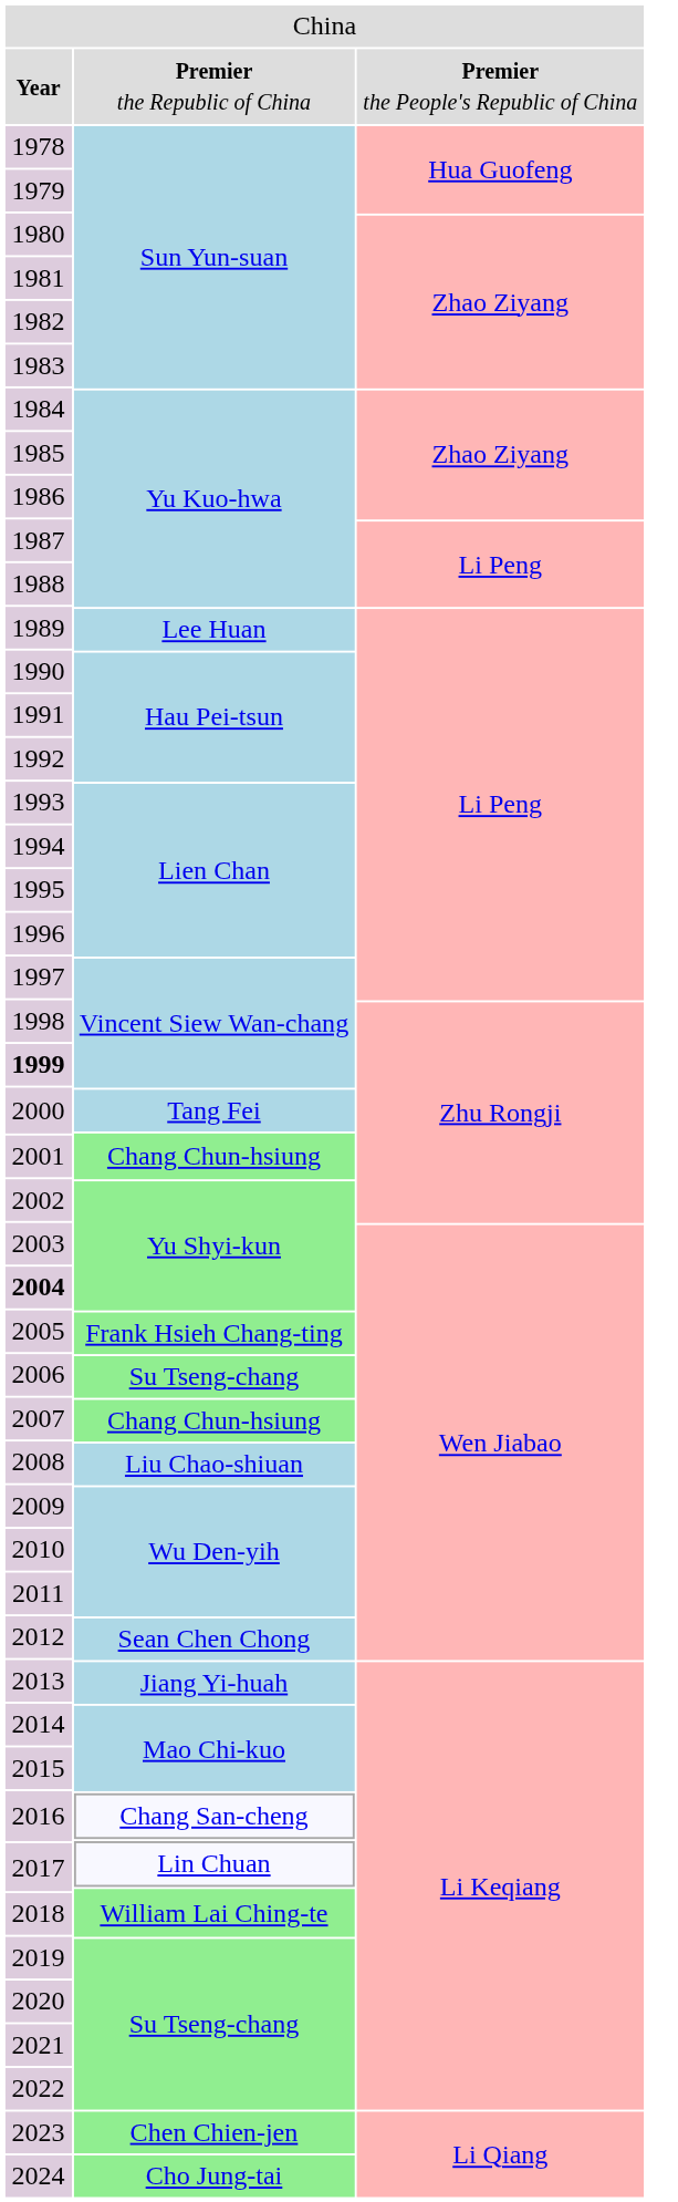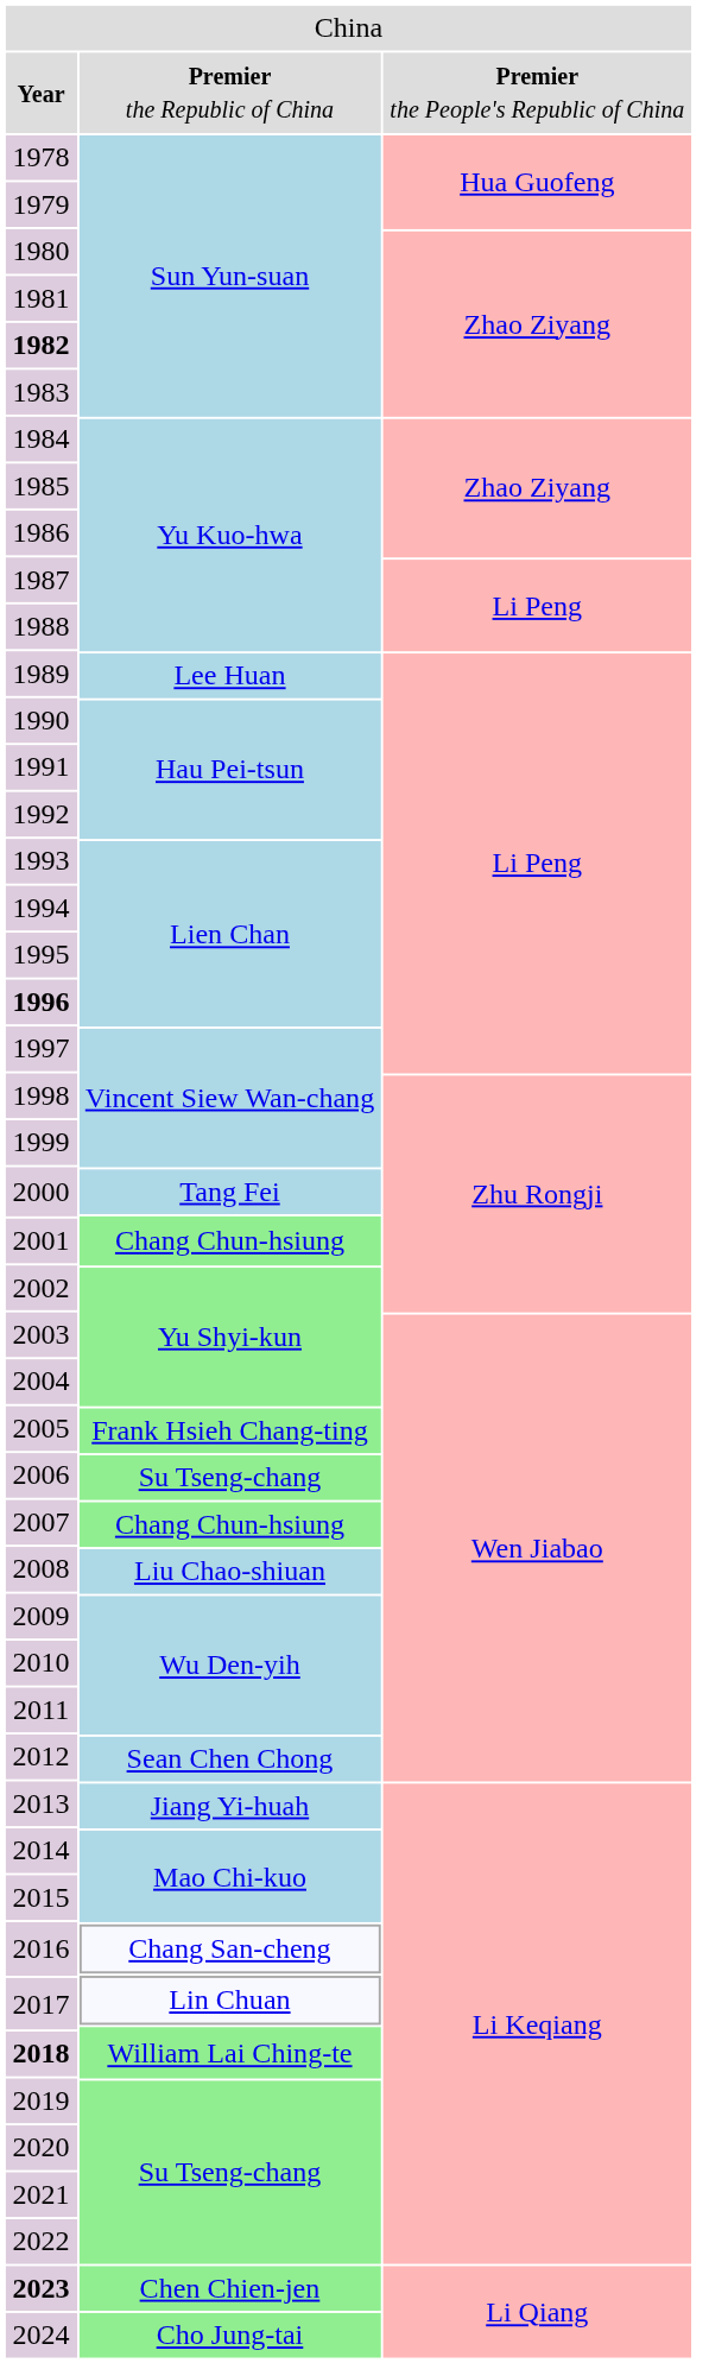 <table border=0 cellpadding=3 cellspacing=1 style="text-align:center;font-size:80%;line-height:14px;">
 <tr>
 <td bgcolor=#DDDDDD colspan=3>China</td>
 </tr>
 <tr>
 <td bgcolor=#DDDDDD><small><strong>Year</strong></small></td>
 <td bgcolor=#DDDDDD><small><strong>Premier </strong></small><br><small><em>the Republic of China</em></small><br></td>
 <td bgcolor=#DDDDDD><small><strong>Premier </strong></small><br><small><em>the People's Republic of China</em></small><br></td>
 </tr>
 <tr>
 <td bgcolor=#DDCCDD>1978</td>
 <td bgcolor=#ADD8E6 rowspan=8><a href='#'>Sun Yun-suan</a></td>
 <td bgcolor=#FFB6B6 rowspan=3><a href='#'>Hua Guofeng</a></td>
 </tr>
 <tr>
 <td bgcolor=#DDCCDD>1979</td>
 </tr>
 <tr>
 <td bgcolor=#DDCCDD rowspan=2>1980</td>
 </tr>
 <tr>
 <td bgcolor=#FFB6B6 rowspan=5><a href='#'>Zhao Ziyang</a> </td>
 </tr>
 <tr>
 <td bgcolor=#DDCCDD>1981</td>
 </tr>
 <tr>
-<td bgcolor=#DDCCDD>1982</td>
+<td bgcolor=#DDCCDD><strong>1982</strong></td>
 </tr>
 <tr>
 <td bgcolor=#DDCCDD>1983</td>
 </tr>
 <tr>
 <td bgcolor=#DDCCDD rowspan=2>1984</td>
 </tr>
 <tr>
 <td bgcolor=#ADD8E6 rowspan=7><a href='#'>Yu Kuo-hwa</a></td>
 <td bgcolor=#FFB6B6 rowspan=4><a href='#'>Zhao Ziyang</a></td>
 </tr>
 <tr>
 <td bgcolor=#DDCCDD>1985</td>
 </tr>
 <tr>
 <td bgcolor=#DDCCDD>1986</td>
 </tr>
 <tr>
 <td bgcolor=#DDCCDD rowspan=2>1987</td>
 </tr>
 <tr>
 <td bgcolor=#FFB6B6 rowspan=3><a href='#'>Li Peng</a> </td>
 </tr>
 <tr>
 <td bgcolor=#DDCCDD>1988</td>
 </tr>
 <tr>
 <td bgcolor=#DDCCDD rowspan=2>1989</td>
 </tr>
 <tr>
 <td bgcolor=#ADD8E6 rowspan=2><a href='#'>Lee Huan</a></td>
 <td bgcolor=#FFB6B6 rowspan=13><a href='#'>Li Peng</a></td>
 </tr>
 <tr>
 <td bgcolor=#DDCCDD rowspan=2>1990</td>
 </tr>
 <tr>
 <td bgcolor=#ADD8E6 rowspan=4><a href='#'>Hau Pei-tsun</a></td>
 </tr>
 <tr>
 <td bgcolor=#DDCCDD>1991</td>
 </tr>
 <tr>
 <td bgcolor=#DDCCDD>1992</td>
 </tr>
 <tr>
 <td bgcolor=#DDCCDD rowspan=2>1993</td>
 </tr>
 <tr>
 <td bgcolor=#ADD8E6 rowspan=5><a href='#'>Lien Chan</a></td>
 </tr>
 <tr>
 <td bgcolor=#DDCCDD>1994</td>
 </tr>
 <tr>
 <td bgcolor=#DDCCDD>1995</td>
 </tr>
 <tr>
-<td bgcolor=#DDCCDD>1996</td>
+<td bgcolor=#DDCCDD><strong>1996</strong></td>
 </tr>
 <tr>
 <td bgcolor=#DDCCDD rowspan=2>1997</td>
 </tr>
 <tr>
 <td bgcolor=#ADD8E6 rowspan=5><a href='#'>Vincent Siew Wan-chang</a></td>
 <td bgcolor=#FFFFFF rowspan=7></td>
 </tr>
 <tr>
 <td bgcolor=#DDCCDD rowspan=2>1998</td>
 </tr>
 <tr>
 <td bgcolor=#FFB6B6 rowspan=10><a href='#'>Zhu Rongji</a></td>
 </tr>
 <tr>
-<td bgcolor=#DDCCDD><strong>1999</strong></td>
+<td bgcolor=#DDCCDD>1999</td>
 <td bgcolor=#FFFFFF rowspan=30></td>
 </tr>
 <tr>
 <td bgcolor=#DDCCDD rowspan=3>2000</td>
 </tr>
 <tr>
 <td bgcolor=#ADD8E6><a href='#'>Tang Fei</a></td>
 </tr>
 <tr>
 <td bgcolor=#90EE90 rowspan=4><a href='#'>Chang Chun-hsiung</a></td>
 </tr>
 <tr>
 <td bgcolor=#DDCCDD rowspan=2>2001</td>
 </tr>
 <tr>
 <td bgcolor=#FFFFFF rowspan=7></td>
 </tr>
 <tr>
 <td bgcolor=#DDCCDD rowspan=2>2002</td>
 </tr>
 <tr>
 <td bgcolor=#90EE90 rowspan=5><a href='#'>Yu Shyi-kun</a></td>
 </tr>
 <tr>
 <td bgcolor=#DDCCDD rowspan=2>2003</td>
 </tr>
 <tr>
 <td bgcolor=#FFB6B6 rowspan=19><a href='#'>Wen Jiabao</a></td>
 </tr>
 <tr>
-<td bgcolor=#DDCCDD><strong>2004</strong></td>
+<td bgcolor=#DDCCDD>2004</td>
 </tr>
 <tr>
 <td bgcolor=#DDCCDD rowspan=3>2005</td>
 </tr>
 <tr>
 <td bgcolor=#90EE90 rowspan=3><a href='#'>Frank Hsieh Chang-ting</a></td>
 <td bgcolor=#FFFFFF></td>
 </tr>
 <tr>
 <td bgcolor=#FFFFFF rowspan=4></td>
 </tr>
 <tr>
 <td bgcolor=#DDCCDD rowspan=2>2006</td>
 </tr>
 <tr>
 <td bgcolor=#90EE90 rowspan=2><a href='#'>Su Tseng-chang</a></td>
 </tr>
 <tr>
 <td bgcolor=#DDCCDD rowspan=2>2007</td>
 </tr>
 <tr>
 <td bgcolor=#90EE90 rowspan=2><a href='#'>Chang Chun-hsiung</a></td>
 <td bgcolor=#FFFFFF rowspan=7></td>
 </tr>
 <tr>
 <td bgcolor=#DDCCDD rowspan=2>2008</td>
 </tr>
 <tr>
 <td bgcolor=#ADD8E6 rowspan=2><a href='#'>Liu Chao-shiuan</a></td>
 </tr>
 <tr>
 <td bgcolor=#DDCCDD rowspan=2>2009</td>
 </tr>
 <tr>
 <td bgcolor=#ADD8E6 rowspan=5><a href='#'>Wu Den-yih</a></td>
 </tr>
 <tr>
 <td bgcolor=#DDCCDD>2010</td>
 </tr>
 <tr>
 <td bgcolor=#DDCCDD rowspan=2>2011</td>
 </tr>
 <tr>
 <td bgcolor=#FFFFFF rowspan=2></td>
 </tr>
 <tr>
 <td bgcolor=#DDCCDD rowspan=2>2012</td>
 </tr>
 <tr>
 <td bgcolor=#ADD8E6 rowspan=2><a href='#'>Sean Chen Chong</a></td>
 <td bgcolor=#FFFFFF rowspan=10></td>
 </tr>
 <tr>
 <td bgcolor=#DDCCDD rowspan=2>2013</td>
 </tr>
 <tr>
 <td bgcolor=#ADD8E6 rowspan=2><a href='#'>Jiang Yi-huah</a></td>
 <td bgcolor=#FFB6B6 rowspan=16><a href='#'>Li Keqiang</a></td>
 </tr>
 <tr>
 <td bgcolor=#DDCCDD rowspan=2>2014</td>
 </tr>
 <tr>
 <td bgcolor=#ADD8E6 rowspan=3><a href='#'>Mao Chi-kuo</a></td>
 <td bgcolor=#FFFFFF rowspan=10></td>
 </tr>
 <tr>
 <td bgcolor=#DDCCDD>2015</td>
 </tr>
 <tr>
 <td bgcolor=#DDCCDD rowspan=3>2016</td>
 </tr>
 <tr>
 <td bgcolor=#F8F8FF style="border: 1px solid darkgray;"><a href='#'>Chang San-cheng</a></td>
 </tr>
 <tr>
 <td bgcolor=#F8F8FF style="border: 1px solid darkgray;" rowspan=2><a href='#'>Lin Chuan</a></td>
 </tr>
 <tr>
 <td bgcolor=#DDCCDD rowspan=3>2017</td>
 </tr>
 <tr>
 <td bgcolor=#90EE90 rowspan=4><a href='#'>William Lai Ching‑te</a></td>
 </tr>
 <tr>
 <td bgcolor=#FFFFFF rowspan=5></td>
 </tr>
 <tr>
-<td bgcolor=#DDCCDD rowspan=1>2018</td>
+<td bgcolor=#DDCCDD rowspan=1><strong>2018</strong></td>
 </tr>
 <tr>
 <td bgcolor=#DDCCDD rowspan=2>2019</td>
 </tr>
 <tr>
 <td bgcolor=#90EE90 rowspan=4><a href='#'>Su Tseng-chang</a></td>
 <td bgcolor=#FFFFFF rowspan=2></td>
 </tr>
 <tr>
 <td bgcolor=#DDCCDD rowspan=1>2020</td>
 </tr>
 <tr>
 <td bgcolor=#DDCCDD rowspan=1>2021</td>
 </tr>
 <tr>
 <td bgcolor=#DDCCDD rowspan=1>2022</td>
 </tr>
 <tr>
-<td bgcolor=#DDCCDD rowspan=1>2023</td>
+<td bgcolor=#DDCCDD rowspan=1><strong>2023</strong></td>
 <td bgcolor=#90EE90 rowspan=1><a href='#'>Chen Chien-jen</a></td>
 <td bgcolor=#FFB6B6 rowspan=2><a href='#'>Li Qiang</a></td>
 </tr>
 <tr>
 <td bgcolor=#DDCCDD rowspan=1>2024</td>
 <td bgcolor=#90EE90 rowspan=1><a href='#'>Cho Jung-tai</a></td>
 </tr>
 </table>
